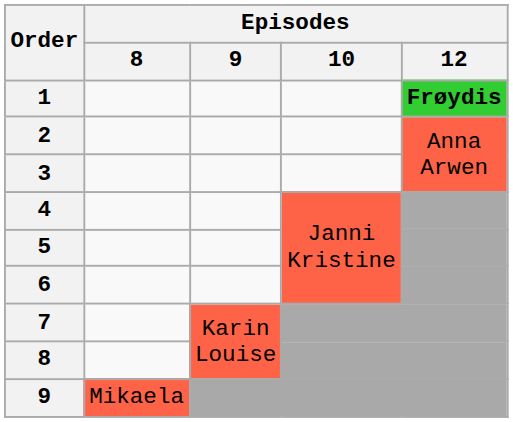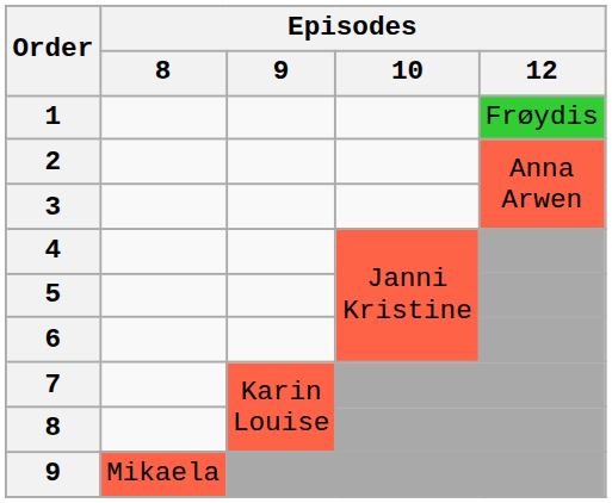 <table class="wikitable" style="text-align:center; font-size:92%">
 <tr>
 <th rowspan="2">Order</th>
 <th colspan="10">Episodes</th>
 </tr>
 <tr>
 <th>8</th>
 <th>9</th>
 <th>10</th>
 <th>12</th>
 </tr>
 <tr>
 <th>1</th>
 <td></td>
 <td></td>
 <td></td>
-<td width="50" style="background:limegreen;"><strong>Frøydis</strong></td>
+<td width="50" style="background:limegreen;">Frøydis</td>
 </tr>
 <tr>
 <th>2</th>
 <td></td>
 <td></td>
 <td></td>
 <td rowspan="2" style="background:tomato;">Anna<br>Arwen</td>
 </tr>
 <tr>
 <th>3</th>
 <td></td>
 <td></td>
 </tr>
 <tr>
 <th>4</th>
 <td></td>
 <td></td>
 <td rowspan="3" style="background:tomato;">Janni<br>Kristine<br></td>
 <td bgcolor="darkgray" colspan="1"></td>
 </tr>
 <tr>
 <th>5</th>
 <td></td>
 <td></td>
 <td bgcolor="darkgray" colspan="1"></td>
 </tr>
 <tr>
 <th>6</th>
 <td></td>
 <td></td>
 <td bgcolor="darkgray" colspan="1"></td>
 </tr>
 <tr>
 <th>7</th>
 <td></td>
 <td rowspan="2" style="background:tomato;">Karin<br>Louise</td>
 <td bgcolor="darkgray" colspan="3"></td>
 </tr>
 <tr>
 <th>8</th>
 <td></td>
 <td bgcolor="darkgray" colspan="3"></td>
 </tr>
 <tr>
 <th>9</th>
 <td style="background:tomato;">Mikaela</td>
 <td bgcolor="darkgray" colspan="3"></td>
 </tr>
 </table>
